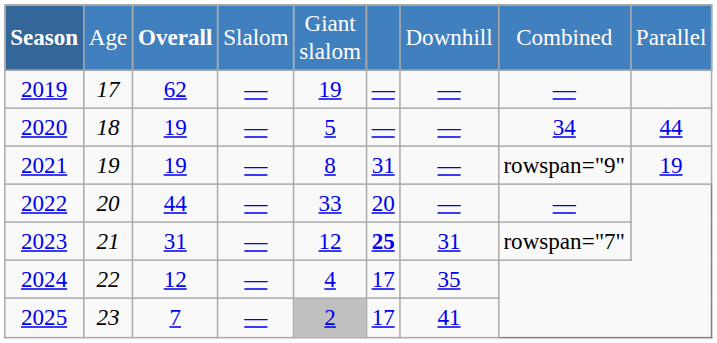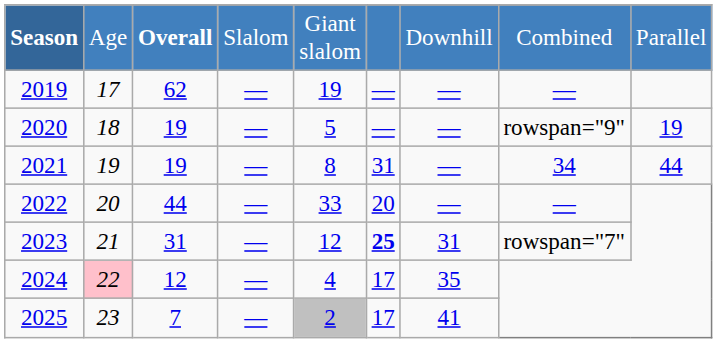 <table class="wikitable" style="font-size:95%; text-align:center; border:gray solid 1px; width:40%;">
 <tr style="background:#369; color:white;">
 <td rowspan="2" style="width:6%;"><strong>Season</strong></td>
 </tr>
 <tr style="background:#4180be; color:white;">
 <td style="width:3%;">Age</td>
 <td style="width:5%;"><strong>Overall</strong></td>
 <td style="width:5%;">Slalom</td>
 <td style="width:5%;">Giant<br>slalom</td>
 <td style="width:5%;"></td>
 <td style="width:5%;">Downhill</td>
 <td style="width:5%;">Combined</td>
 <td style="width:5%;">Parallel</td>
 </tr>
 <tr>
 <td><a href='#'>2019</a></td>
 <td><em>17</em></td>
 <td><a href='#'>62</a></td>
 <td><a href='#'>—</a></td>
 <td><a href='#'>19</a></td>
 <td><a href='#'>—</a></td>
 <td><a href='#'>—</a></td>
 <td><a href='#'>—</a></td>
 <td></td>
 </tr>
 <tr>
 <td><a href='#'>2020</a></td>
 <td><em>18</em></td>
 <td><a href='#'>19</a></td>
 <td><a href='#'>—</a></td>
 <td><a href='#'>5</a></td>
 <td><a href='#'>—</a></td>
 <td><a href='#'>—</a></td>
-<td><a href='#'>34</a></td>
-<td><a href='#'>44</a></td>
+<td>rowspan="9" </td>
+<td><a href='#'>19</a></td>
 </tr>
 <tr>
 <td><a href='#'>2021</a></td>
 <td><em>19</em></td>
 <td><a href='#'>19</a></td>
 <td><a href='#'>—</a></td>
 <td><a href='#'>8</a></td>
 <td><a href='#'>31</a></td>
 <td><a href='#'>—</a></td>
-<td>rowspan="9" </td>
-<td><a href='#'>19</a></td>
+<td><a href='#'>34</a></td>
+<td><a href='#'>44</a></td>
 </tr>
 <tr>
 <td><a href='#'>2022</a></td>
 <td><em>20</em></td>
 <td><a href='#'>44</a></td>
 <td><a href='#'>—</a></td>
 <td><a href='#'>33</a></td>
 <td><a href='#'>20</a></td>
 <td><a href='#'>—</a></td>
 <td><a href='#'>—</a></td>
 </tr>
 <tr>
 <td><a href='#'>2023</a></td>
 <td><em>21</em></td>
 <td><a href='#'>31</a></td>
 <td><a href='#'>—</a></td>
 <td><a href='#'>12</a></td>
 <td><strong><a href='#'>25</a></strong></td>
 <td><a href='#'>31</a></td>
 <td>rowspan="7" </td>
 </tr>
 <tr>
 <td><a href='#'>2024</a></td>
-<td><em>22</em></td>
+<td style="background: pink;"><em>22</em></td>
 <td><a href='#'>12</a></td>
 <td><a href='#'>—</a></td>
 <td><a href='#'>4</a></td>
 <td><a href='#'>17</a></td>
 <td><a href='#'>35</a></td>
 </tr>
 <tr>
 <td><a href='#'>2025</a></td>
 <td><em>23</em></td>
 <td><a href='#'>7</a></td>
 <td><a href='#'>—</a></td>
 <td bgcolor=silver><a href='#'>2</a></td>
 <td><a href='#'>17</a></td>
 <td><a href='#'>41</a></td>
 </tr>
 </table>
